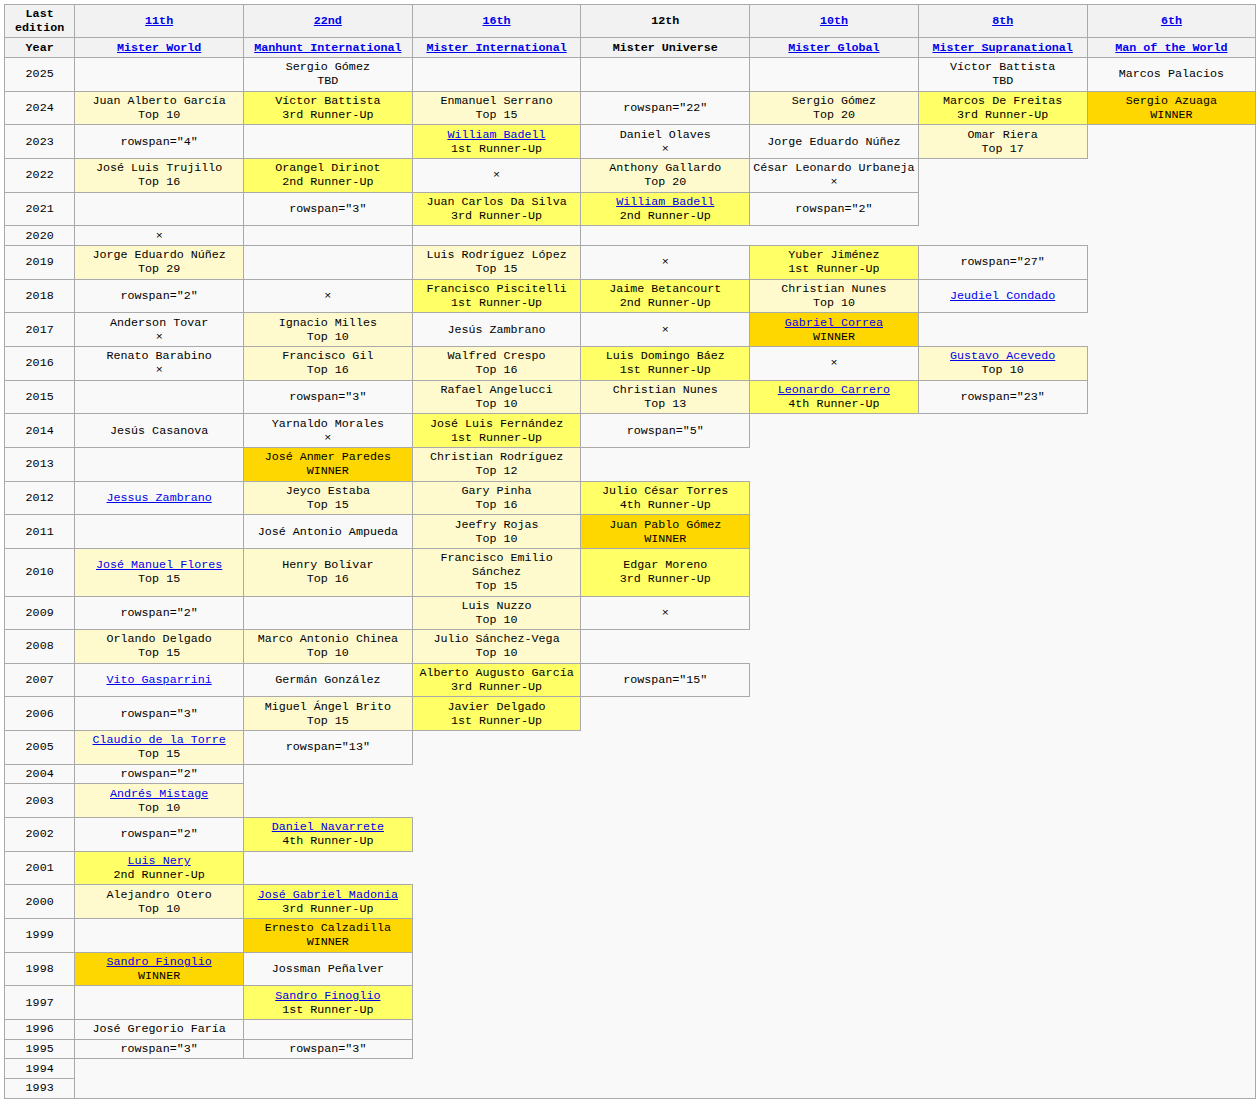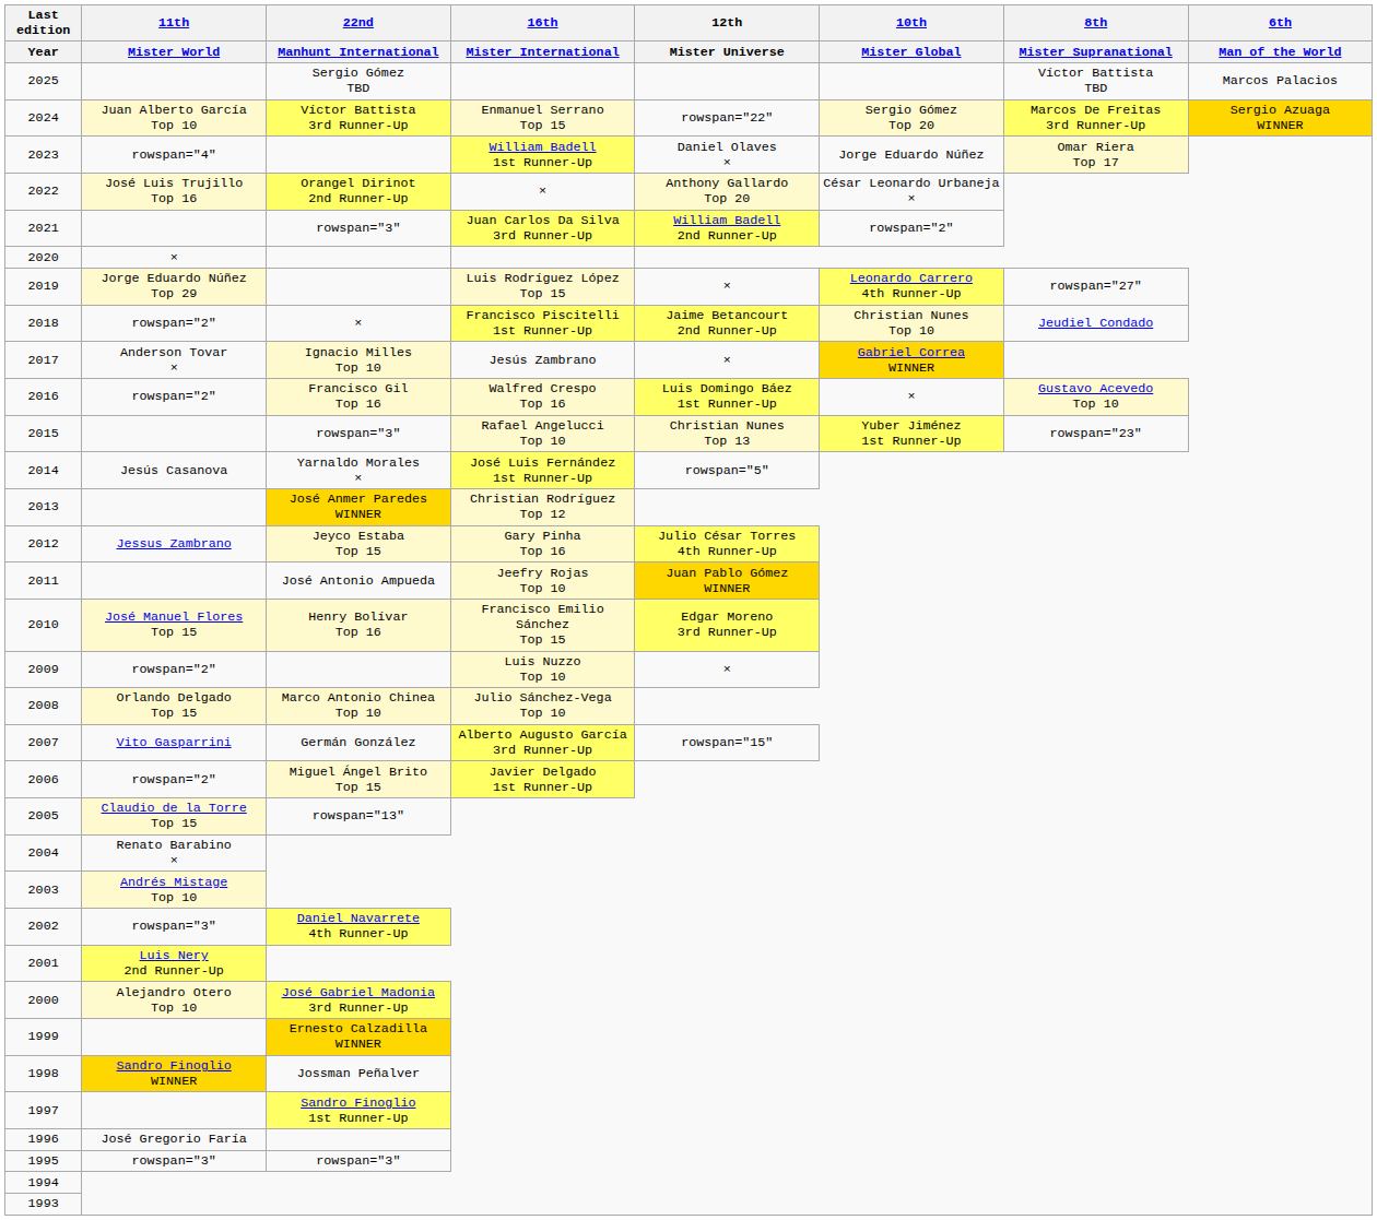 <table class="wikitable " style="font-size: 90%; text-align:center;">
 <tr>
 <th>Last edition</th>
 <th><a href='#'>11th</a></th>
 <th><a href='#'>22nd</a></th>
 <th><a href='#'>16th</a></th>
 <th>12th</th>
 <th><a href='#'>10th</a></th>
 <th><a href='#'>8th</a></th>
 <th><a href='#'>6th</a></th>
 </tr>
 <tr>
 <th width="5%">Year</th>
 <th width="12%"><a href='#'>Mister World</a></th>
 <th width="12%"><a href='#'>Manhunt International</a></th>
 <th width="12%"><a href='#'>Mister International</a></th>
 <th width="12%">Mister Universe</th>
 <th width="12%"><a href='#'>Mister Global</a></th>
 <th width="12%"><a href='#'>Mister Supranational</a></th>
 <th width="12%"><a href='#'>Man of the World</a></th>
 </tr>
 <tr>
 <td>2025</td>
 <td></td>
 <td>Sergio Gómez<br>TBD</td>
 <td></td>
 <td></td>
 <td></td>
 <td>Víctor Battista<br>TBD</td>
 <td>Marcos Palacios</td>
 </tr>
 <tr>
 <td>2024</td>
 <td bgcolor="#FFFACD">Juan Alberto García<br>Top 10</td>
 <td bgcolor="#FFFF66">Víctor Battista<br>3rd Runner-Up</td>
 <td bgcolor="#FFFACD">Enmanuel Serrano<br>Top 15</td>
 <td>rowspan="22" </td>
 <td bgcolor="#FFFACD">Sergio Gómez<br>Top 20</td>
 <td bgcolor="#FFFF66">Marcos De Freitas<br>3rd Runner-Up</td>
 <td bgcolor="Gold">Sergio Azuaga<br>WINNER</td>
 </tr>
 <tr>
 <td>2023</td>
 <td>rowspan="4" </td>
 <td></td>
 <td bgcolor="#FFFF66"><a href='#'>William Badell</a><br>1st Runner-Up</td>
 <td>Daniel Olaves<br>×</td>
 <td>Jorge Eduardo Núñez</td>
 <td bgcolor="#FFFACD">Omar Riera<br>Top 17</td>
 </tr>
 <tr>
 <td>2022</td>
 <td bgcolor="#FFFACD">José Luis Trujillo<br>Top 16</td>
 <td bgcolor="#FFFF66">Orangel Dirinot<br>2nd Runner-Up</td>
 <td>×</td>
 <td bgcolor="#FFFACD">Anthony Gallardo<br>Top 20</td>
 <td>César Leonardo Urbaneja<br>×</td>
 </tr>
 <tr>
 <td>2021</td>
 <td></td>
 <td>rowspan="3" </td>
 <td bgcolor="#FFFF66">Juan Carlos Da Silva<br>3rd Runner-Up</td>
 <td bgcolor="#FFFF66"><a href='#'>William Badell</a><br>2nd Runner-Up</td>
 <td>rowspan="2" </td>
 </tr>
 <tr>
 <td>2020</td>
 <td>×</td>
 <td></td>
 <td></td>
 </tr>
 <tr>
 <td>2019</td>
 <td bgcolor="#FFFACD">Jorge Eduardo Núñez<br>Top 29</td>
 <td></td>
 <td bgcolor="#FFFACD">Luis Rodríguez López<br>Top 15</td>
 <td>×</td>
-<td bgcolor="#FFFF66">Yuber Jiménez<br>1st Runner-Up</td>
+<td bgcolor="#FFFF66"><a href='#'>Leonardo Carrero</a><br>4th Runner-Up</td>
 <td>rowspan="27" </td>
 </tr>
 <tr>
 <td>2018</td>
 <td>rowspan="2" </td>
 <td>×</td>
 <td bgcolor="#FFFF66">Francisco Piscitelli<br>1st Runner-Up</td>
 <td bgcolor="#FFFF66">Jaime Betancourt<br>2nd Runner-Up</td>
 <td bgcolor="#FFFACD">Christian Nunes<br>Top 10</td>
 <td><a href='#'>Jeudiel Condado</a></td>
 </tr>
 <tr>
 <td>2017</td>
 <td>Anderson Tovar<br>×</td>
 <td bgcolor="#FFFACD">Ignacio Milles<br>Top 10</td>
 <td>Jesús Zambrano</td>
 <td>×</td>
 <td bgcolor="Gold"><a href='#'>Gabriel Correa</a><br>WINNER</td>
 </tr>
 <tr>
 <td>2016</td>
-<td>Renato Barabino<br>×</td>
+<td>rowspan="2" </td>
 <td bgcolor="#FFFACD">Francisco Gil<br>Top 16</td>
 <td bgcolor="#FFFACD">Walfred Crespo<br>Top 16</td>
 <td bgcolor="#FFFF66">Luis Domingo Báez<br>1st Runner-Up</td>
 <td>×</td>
 <td bgcolor="#FFFACD"><a href='#'>Gustavo Acevedo</a><br>Top 10</td>
 </tr>
 <tr>
 <td>2015</td>
 <td></td>
 <td>rowspan="3" </td>
 <td bgcolor="#FFFACD">Rafael Angelucci<br>Top 10</td>
 <td bgcolor="#FFFACD">Christian Nunes<br>Top 13</td>
-<td bgcolor="#FFFF66"><a href='#'>Leonardo Carrero</a><br>4th Runner-Up</td>
+<td bgcolor="#FFFF66">Yuber Jiménez<br>1st Runner-Up</td>
 <td>rowspan="23" </td>
 </tr>
 <tr>
 <td>2014</td>
 <td>Jesús Casanova</td>
 <td>Yarnaldo Morales<br>×</td>
 <td bgcolor="#FFFF66">José Luis Fernández<br>1st Runner-Up</td>
 <td>rowspan="5" </td>
 </tr>
 <tr>
 <td>2013</td>
 <td></td>
 <td bgcolor="Gold">José Anmer Paredes<br> WINNER</td>
 <td bgcolor="#FFFACD">Christian Rodríguez<br>Top 12</td>
 </tr>
 <tr>
 <td>2012</td>
 <td><a href='#'>Jessus Zambrano</a></td>
 <td bgcolor="#FFFACD">Jeyco Estaba<br>Top 15</td>
 <td bgcolor="#FFFACD">Gary Pinha<br>Top 16</td>
 <td bgcolor="#FFFF66">Julio César Torres<br>4th Runner-Up</td>
 </tr>
 <tr>
 <td>2011</td>
 <td></td>
 <td>José Antonio Ampueda</td>
 <td bgcolor="#FFFACD">Jeefry Rojas<br>Top 10</td>
 <td bgcolor="Gold">Juan Pablo Gómez<br> WINNER</td>
 </tr>
 <tr>
 <td>2010</td>
 <td bgcolor="#FFFACD"><a href='#'>José Manuel Flores</a><br>Top 15</td>
 <td bgcolor="#FFFACD">Henry Bolívar<br>Top 16</td>
 <td bgcolor="#FFFACD">Francisco Emilio Sánchez<br>Top 15</td>
 <td bgcolor="#FFFF66">Edgar Moreno<br>3rd Runner-Up</td>
 </tr>
 <tr>
 <td>2009</td>
 <td>rowspan="2" </td>
 <td></td>
 <td bgcolor="#FFFACD">Luis Nuzzo<br>Top 10</td>
 <td>×</td>
 </tr>
 <tr>
 <td>2008</td>
 <td bgcolor="#FFFACD">Orlando Delgado<br>Top 15</td>
 <td bgcolor="#FFFACD">Marco Antonio Chinea<br>Top 10</td>
 <td bgcolor="#FFFACD">Julio Sánchez-Vega<br>Top 10</td>
 </tr>
 <tr>
 <td>2007</td>
 <td><a href='#'>Vito Gasparrini</a></td>
 <td>Germán González</td>
 <td bgcolor="#FFFF66">Alberto Augusto García<br>3rd Runner-Up</td>
 <td>rowspan="15" </td>
 </tr>
 <tr>
 <td>2006</td>
-<td>rowspan="3" </td>
+<td>rowspan="2" </td>
 <td bgcolor="#FFFACD">Miguel Ángel Brito<br>Top 15</td>
 <td bgcolor="#FFFF66">Javier Delgado<br>1st Runner-Up</td>
 </tr>
 <tr>
 <td>2005</td>
 <td bgcolor="#FFFACD"><a href='#'>Claudio de la Torre</a><br>Top 15</td>
 <td>rowspan="13" </td>
 </tr>
 <tr>
 <td>2004</td>
-<td>rowspan="2" </td>
+<td>Renato Barabino<br>×</td>
 </tr>
 <tr>
 <td>2003</td>
 <td bgcolor="#FFFACD"><a href='#'>Andrés Mistage</a><br>Top 10</td>
 </tr>
 <tr>
 <td>2002</td>
-<td>rowspan="2" </td>
+<td>rowspan="3" </td>
 <td bgcolor="#FFFF66"><a href='#'>Daniel Navarrete</a><br>4th Runner-Up</td>
 </tr>
 <tr>
 <td>2001</td>
 <td bgcolor="#FFFF66"><a href='#'>Luis Nery</a><br>2nd Runner-Up</td>
 </tr>
 <tr>
 <td>2000</td>
 <td bgcolor="#FFFACD">Alejandro Otero<br>Top 10</td>
 <td bgcolor="#FFFF66"><a href='#'>José Gabriel Madonia</a><br>3rd Runner-Up</td>
 </tr>
 <tr>
 <td>1999</td>
 <td></td>
 <td bgcolor="Gold">Ernesto Calzadilla<br> WINNER</td>
 </tr>
 <tr>
 <td>1998</td>
 <td bgcolor="Gold"><a href='#'>Sandro Finoglio</a><br>WINNER</td>
 <td>Jossman Peñalver</td>
 </tr>
 <tr>
 <td>1997</td>
 <td></td>
 <td bgcolor="#FFFF66"><a href='#'>Sandro Finoglio</a><br>1st Runner-Up</td>
 </tr>
 <tr>
 <td>1996</td>
 <td>José Gregorio Faría</td>
 <td></td>
 </tr>
 <tr>
 <td>1995</td>
 <td>rowspan="3" </td>
 <td>rowspan="3" </td>
 </tr>
 <tr>
 <td>1994</td>
 </tr>
 <tr>
 <td>1993</td>
 </tr>
 </table>
